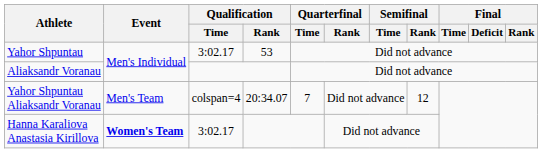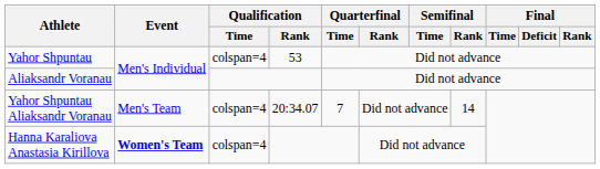 <table class=wikitable style=font-size:90%;text-align:center>
 <tr>
 <th rowspan=2>Athlete</th>
 <th rowspan=2>Event</th>
 <th colspan=2>Qualification</th>
 <th colspan=2>Quarterfinal</th>
 <th colspan=2>Semifinal</th>
 <th colspan=3>Final</th>
 </tr>
 <tr style=font-size:95%>
 <th>Time</th>
 <th>Rank</th>
 <th>Time</th>
 <th>Rank</th>
 <th>Time</th>
 <th>Rank</th>
 <th>Time</th>
 <th>Deficit</th>
 <th>Rank</th>
 </tr>
 <tr>
 <td align=left><a href='#'>Yahor Shpuntau</a></td>
 <td align=left rowspan=2><a href='#'>Men's Individual</a></td>
-<td>3:02.17</td>
+<td>colspan=4 </td>
 <td>53</td>
 <td colspan=7>Did not advance</td>
 </tr>
 <tr>
 <td align=left><a href='#'>Aliaksandr Voranau</a></td>
 <td colspan=2></td>
 <td colspan=7>Did not advance</td>
 </tr>
 <tr>
 <td align=left><a href='#'>Yahor Shpuntau</a><br><a href='#'>Aliaksandr Voranau</a></td>
 <td align=left><a href='#'>Men's Team</a></td>
 <td>colspan=4 </td>
 <td>20:34.07</td>
 <td>7</td>
 <td colspan=2>Did not advance</td>
-<td>12</td>
+<td>14</td>
 </tr>
 <tr>
 <td align=left><a href='#'>Hanna Karaliova</a><br><a href='#'>Anastasia Kirillova</a></td>
 <td align=left><strong><a href='#'>Women's Team</a></strong></td>
-<td>3:02.17</td>
+<td>colspan=4 </td>
 <td colspan=2></td>
 <td colspan=3>Did not advance</td>
 </tr>
 </table>
